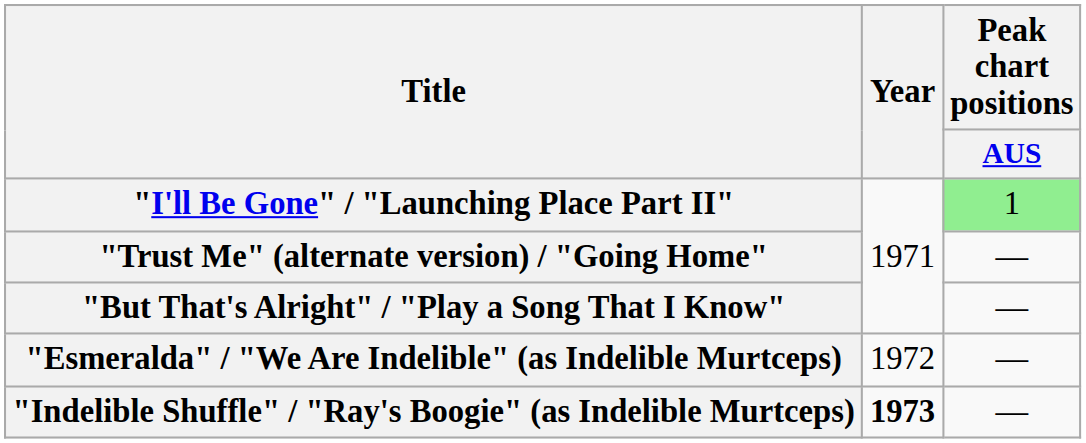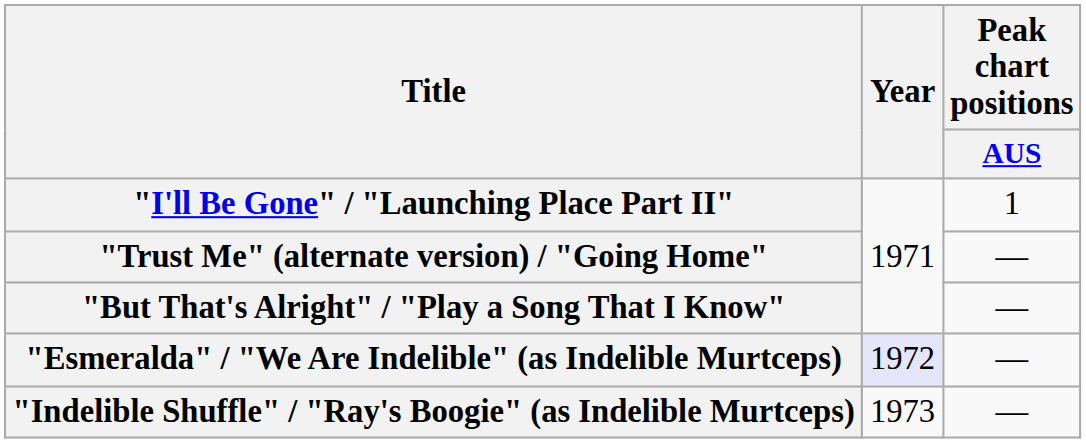 <table class="wikitable plainrowheaders" style="text-align:center;" border="1">
 <tr>
 <th scope="col" rowspan="2">Title</th>
 <th scope="col" rowspan="2">Year</th>
 <th scope="col" colspan="1">Peak chart positions</th>
 </tr>
 <tr>
 <th scope="col" style="width:3em; font-size:90%"><a href='#'>AUS</a><br></th>
 </tr>
 <tr>
 <th scope="row">"<a href='#'>I'll Be Gone</a>" / "Launching Place Part II"</th>
 <td rowspan="3">1971</td>
-<td style="background: lightgreen;">1</td>
+<td>1</td>
 </tr>
 <tr>
 <th scope="row">"Trust Me" (alternate version) / "Going Home"</th>
 <td>—</td>
 </tr>
 <tr>
 <th scope="row">"But That's Alright" / "Play a Song That I Know"</th>
 <td>—</td>
 </tr>
 <tr>
 <th scope="row">"Esmeralda" / "We Are Indelible" (as Indelible Murtceps)</th>
-<td>1972</td>
+<td style="background: lavender;">1972</td>
 <td>—</td>
 </tr>
 <tr>
 <th scope="row">"Indelible Shuffle" / "Ray's Boogie" (as Indelible Murtceps)</th>
-<td><strong>1973</strong></td>
+<td>1973</td>
 <td>—</td>
 </tr>
 </table>
